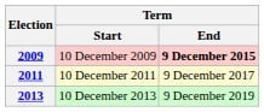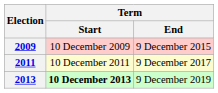 <table class="wikitable" style="text-align:center">
 <tr>
 <th rowspan="2">Election</th>
 <th colspan="2">Term</th>
 </tr>
 <tr>
 <th>Start</th>
 <th>End</th>
 </tr>
 <tr>
 <th><a href='#'>2009</a></th>
 <td bgcolor="#fcc">10 December 2009</td>
-<td bgcolor="#fcc"><strong>9 December 2015</strong></td>
+<td bgcolor="#fcc">9 December 2015</td>
 </tr>
 <tr>
 <th><a href='#'>2011</a></th>
 <td bgcolor="#fcfccf">10 December 2011</td>
 <td bgcolor="#fcfccf">9 December 2017</td>
 </tr>
 <tr>
 <th><a href='#'>2013</a></th>
-<td bgcolor="#cfc">10 December 2013</td>
+<td bgcolor="#cfc"><strong>10 December 2013</strong></td>
 <td bgcolor="#cfc">9 December 2019</td>
 </tr>
 </table>
